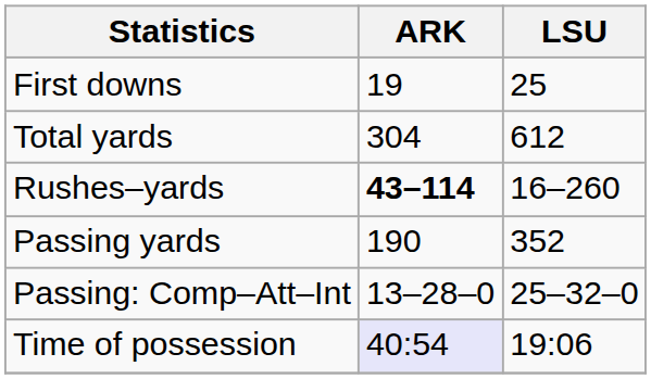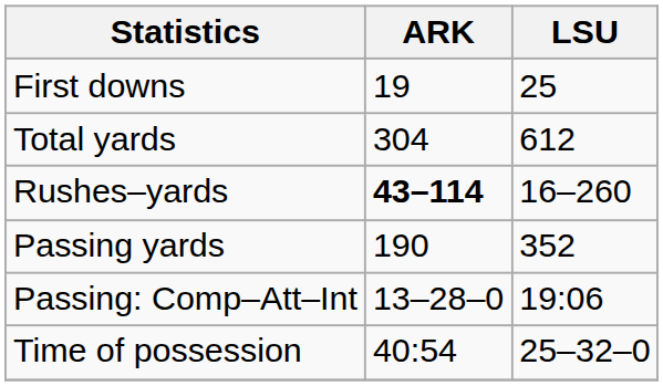 <table class="wikitable" style="float: left;">
 <tr>
 <th>Statistics</th>
 <th>ARK</th>
 <th>LSU</th>
 </tr>
 <tr>
 <td>First downs</td>
 <td>19</td>
 <td>25</td>
 </tr>
 <tr>
 <td>Total yards</td>
 <td>304</td>
 <td>612</td>
 </tr>
 <tr>
 <td>Rushes–yards</td>
 <td><strong>43–114</strong></td>
 <td>16–260</td>
 </tr>
 <tr>
 <td>Passing yards</td>
 <td>190</td>
 <td>352</td>
 </tr>
 <tr>
 <td>Passing: Comp–Att–Int</td>
 <td>13–28–0</td>
-<td>25–32–0</td>
+<td>19:06</td>
 </tr>
 <tr>
 <td>Time of possession</td>
-<td style="background: lavender;">40:54</td>
-<td>19:06</td>
+<td>40:54</td>
+<td>25–32–0</td>
 </tr>
 <tr>
 </tr>
 </table>
